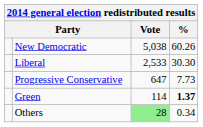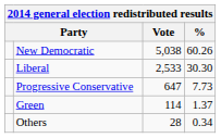 <table class="wikitable">
 <tr>
 <th colspan="4"><a href='#'>2014 general election</a> redistributed results</th>
 </tr>
 <tr>
 <th bgcolor="#DDDDFF" width="130px" colspan="2">Party</th>
 <th bgcolor="#DDDDFF" width="50px">Vote</th>
 <th bgcolor="#DDDDFF" width="30px">%</th>
 </tr>
 <tr>
 <td> </td>
 <td><a href='#'>New Democratic</a></td>
 <td align=right>5,038</td>
 <td align=right>60.26</td>
 </tr>
 <tr>
 <td> </td>
 <td><a href='#'>Liberal</a></td>
 <td align=right>2,533</td>
 <td align=right>30.30</td>
 </tr>
 <tr>
 <td> </td>
 <td><a href='#'>Progressive Conservative</a></td>
 <td align=right>647</td>
 <td align=right>7.73</td>
 </tr>
 <tr>
 <td> </td>
 <td><a href='#'>Green</a></td>
 <td align=right>114</td>
-<td align=right><strong>1.37</strong></td>
+<td align=right>1.37</td>
 </tr>
 <tr>
 <td> </td>
 <td>Others</td>
-<td align=right style="background: lightgreen;">28</td>
+<td align=right>28</td>
 <td align=right>0.34</td>
 </tr>
 </table>
